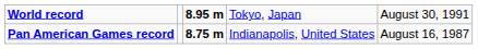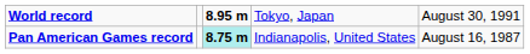 <table class="wikitable">
 <tr>
 <td><strong><a href='#'>World record</a></strong></td>
 <td></td>
 <td><strong>8.95 m</strong></td>
 <td><a href='#'>Tokyo</a>, <a href='#'>Japan</a></td>
 <td>August 30, 1991</td>
 </tr>
 <tr>
 <td><strong><a href='#'>Pan American Games record</a></strong></td>
 <td></td>
-<td><strong>8.75 m</strong></td>
+<td style="background: paleturquoise;"><strong>8.75 m</strong></td>
 <td><a href='#'>Indianapolis</a>, <a href='#'>United States</a></td>
 <td>August 16, 1987</td>
 </tr>
 </table>
